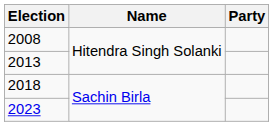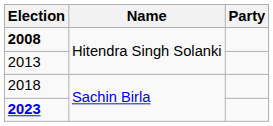 <table class="wikitable sortable">
 <tr>
 <th>Election</th>
 <th>Name</th>
 <th colspan=2>Party</th>
 </tr>
 <tr>
-<td>2008</td>
+<td><strong>2008</strong></td>
 <td rowspan=2>Hitendra Singh Solanki</td>
 <td></td>
 </tr>
 <tr>
 <td>2013</td>
 </tr>
 <tr>
 <td>2018</td>
 <td rowspan="2"><a href='#'>Sachin Birla</a></td>
 <td></td>
 </tr>
 <tr>
-<td><a href='#'>2023</a></td>
+<td><strong><a href='#'>2023</a></strong></td>
 <td></td>
 </tr>
 </table>
